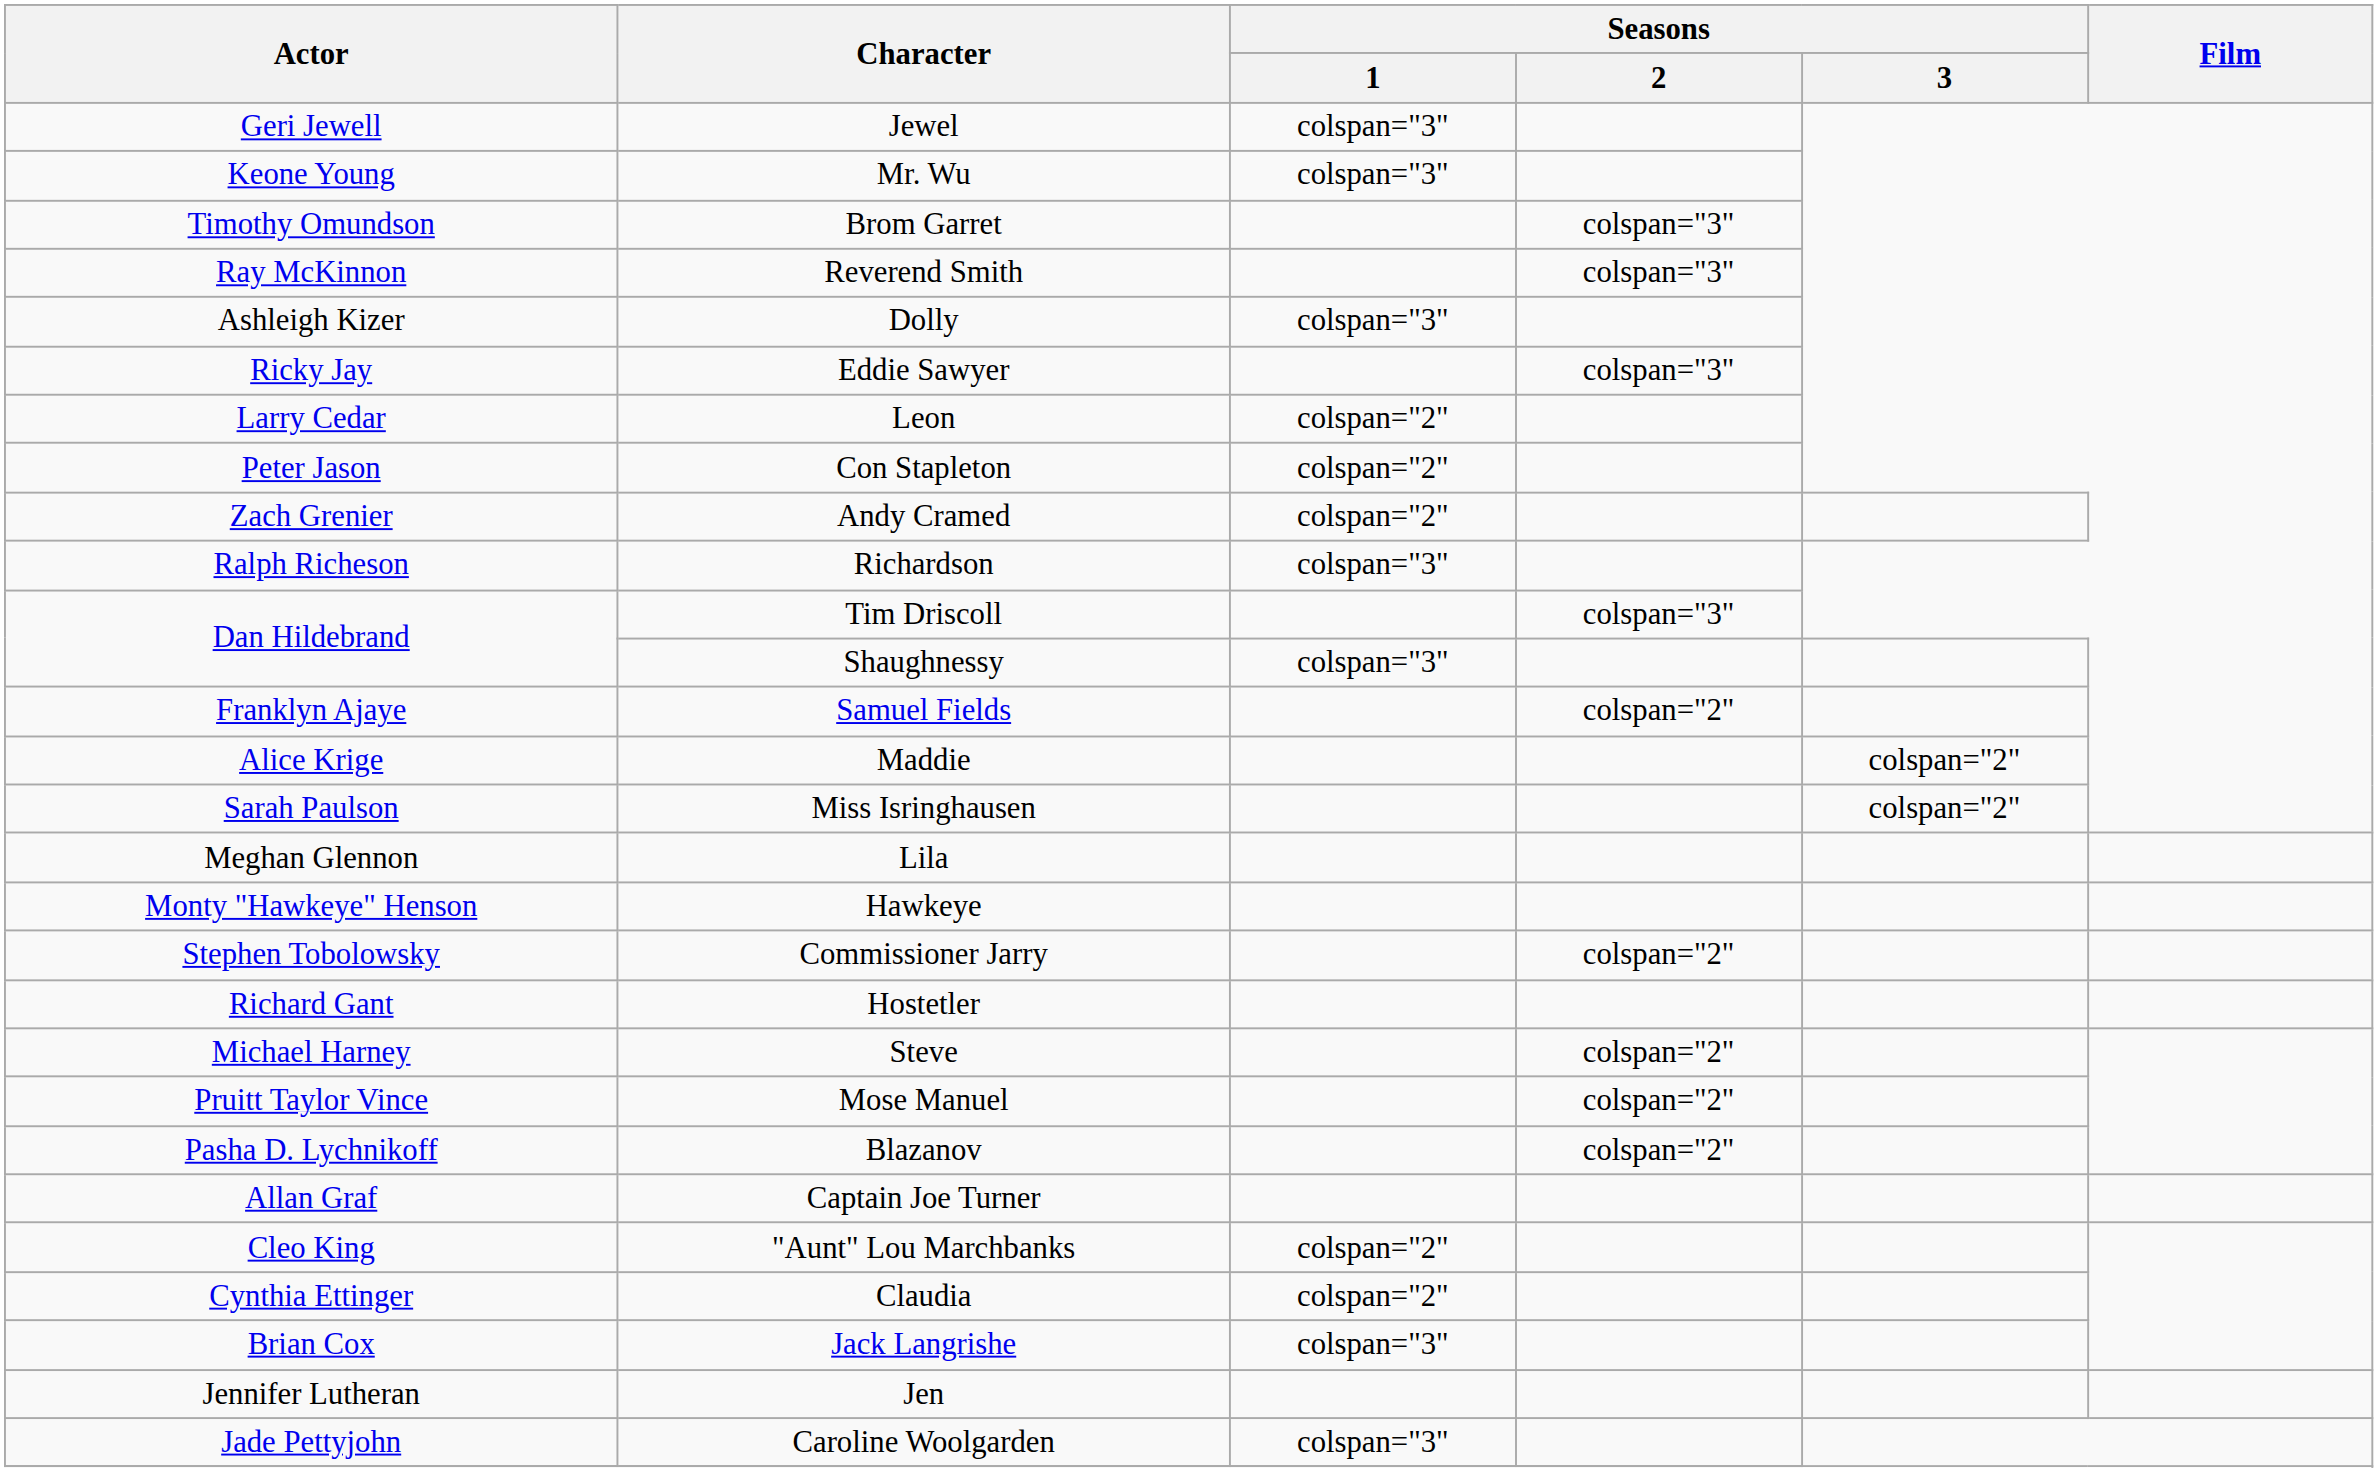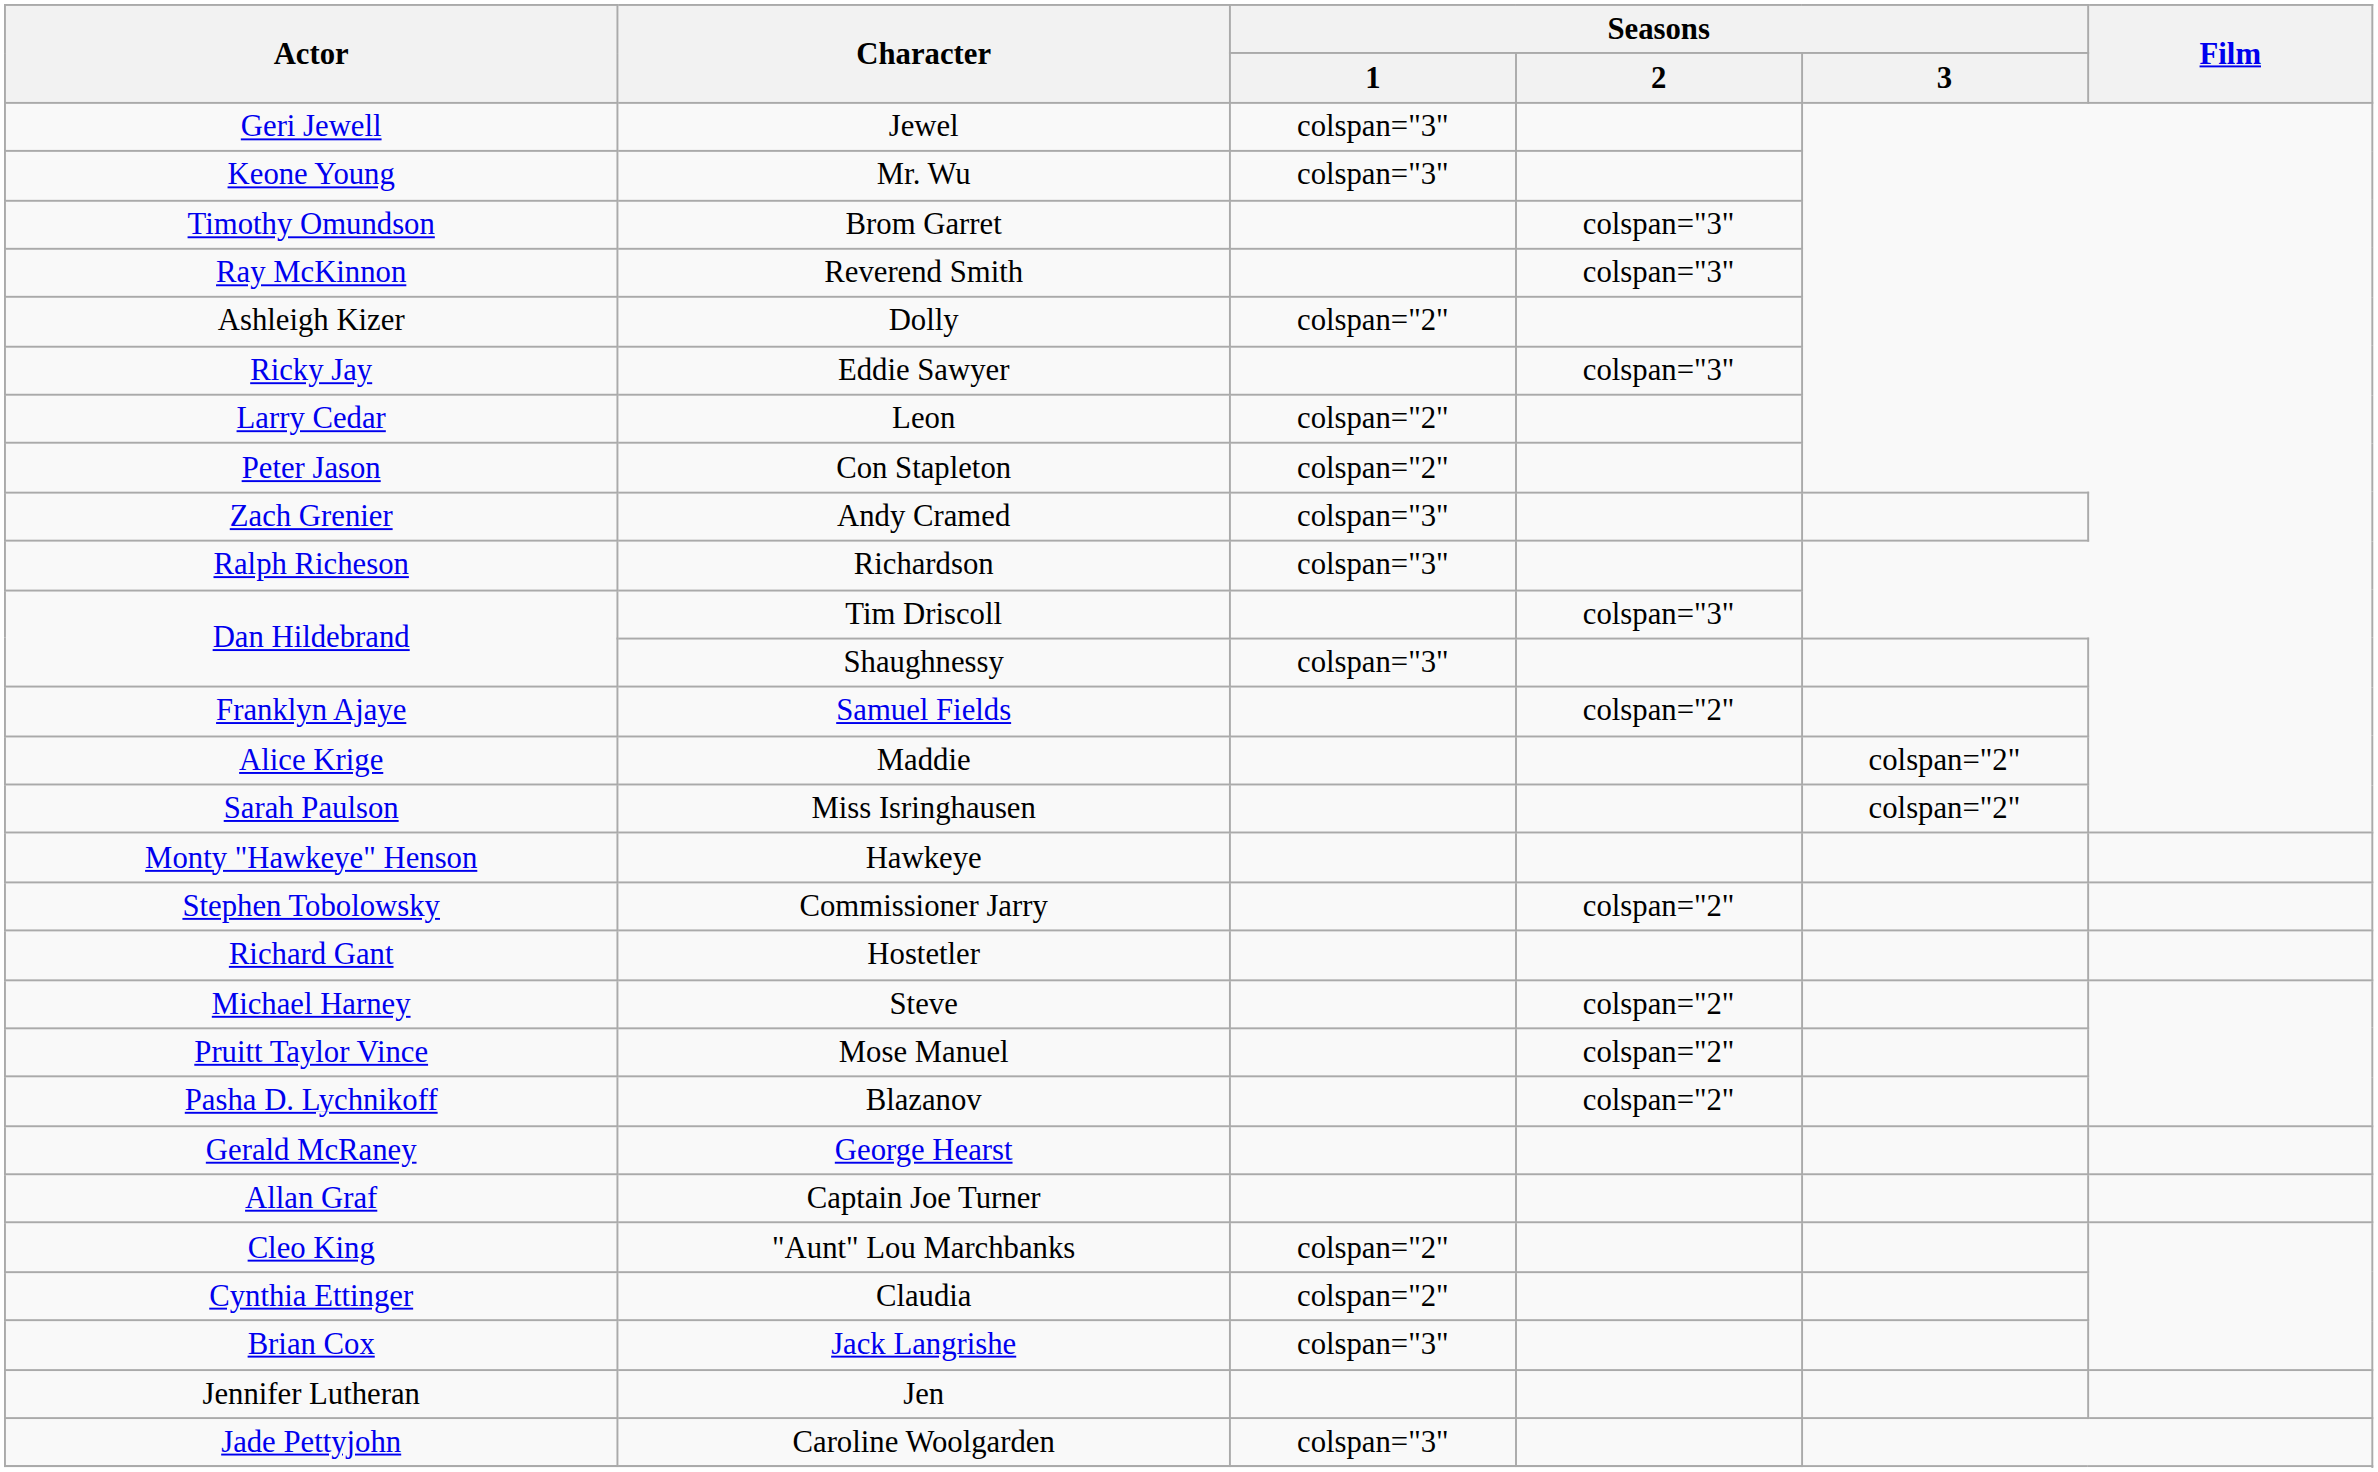 <table class="wikitable plainrowheaders" style="text-align:center">
 <tr>
 <th scope="col" rowspan="2" style="width:15%;">Actor</th>
 <th scope="col" rowspan="2" style="width:15%;">Character</th>
 <th scope="col" colspan="3" style="width:21%;">Seasons</th>
 <th scope="col" rowspan="2" style="width:7%;"><a href='#'>Film</a></th>
 </tr>
 <tr>
 <th scope="col" style="width:7%;">1</th>
 <th scope="col" style="width:7%;">2</th>
 <th scope="col" style="width:7%;">3</th>
 </tr>
 <tr>
 <td><a href='#'>Geri Jewell</a></td>
 <td>Jewel</td>
 <td>colspan="3" </td>
 <td></td>
 </tr>
 <tr>
 <td><a href='#'>Keone Young</a></td>
 <td>Mr. Wu</td>
 <td>colspan="3" </td>
 <td></td>
 </tr>
 <tr>
 <td><a href='#'>Timothy Omundson</a></td>
 <td>Brom Garret</td>
 <td></td>
 <td>colspan="3" </td>
 </tr>
 <tr>
 <td><a href='#'>Ray McKinnon</a></td>
 <td>Reverend Smith</td>
 <td></td>
 <td>colspan="3" </td>
 </tr>
 <tr>
 <td>Ashleigh Kizer</td>
 <td>Dolly</td>
-<td>colspan="3" </td>
+<td>colspan="2" </td>
 <td></td>
 </tr>
 <tr>
 <td><a href='#'>Ricky Jay</a></td>
 <td>Eddie Sawyer</td>
 <td></td>
 <td>colspan="3" </td>
 </tr>
 <tr>
 <td><a href='#'>Larry Cedar</a></td>
 <td>Leon</td>
 <td>colspan="2" </td>
 <td></td>
 </tr>
 <tr>
 <td><a href='#'>Peter Jason</a></td>
 <td>Con Stapleton</td>
 <td>colspan="2" </td>
 <td></td>
 </tr>
 <tr>
 <td><a href='#'>Zach Grenier</a></td>
 <td>Andy Cramed</td>
-<td>colspan="2" </td>
+<td>colspan="3" </td>
 <td></td>
 <td></td>
 </tr>
 <tr>
 <td><a href='#'>Ralph Richeson</a></td>
 <td>Richardson</td>
 <td>colspan="3" </td>
 <td></td>
 </tr>
 <tr>
 <td rowspan="2"><a href='#'>Dan Hildebrand</a></td>
 <td>Tim Driscoll</td>
 <td></td>
 <td>colspan="3" </td>
 </tr>
 <tr>
 <td>Shaughnessy</td>
 <td>colspan="3" </td>
 <td></td>
 <td></td>
 </tr>
 <tr>
 <td><a href='#'>Franklyn Ajaye</a></td>
 <td><a href='#'>Samuel Fields</a></td>
 <td></td>
 <td>colspan="2" </td>
 <td></td>
 </tr>
 <tr>
 <td><a href='#'>Alice Krige</a></td>
 <td>Maddie</td>
 <td></td>
 <td></td>
 <td>colspan="2" </td>
 </tr>
 <tr>
 <td><a href='#'>Sarah Paulson</a></td>
 <td>Miss Isringhausen</td>
 <td></td>
 <td></td>
 <td>colspan="2" </td>
 </tr>
 <tr>
-<td>Meghan Glennon</td>
-<td>Lila</td>
-<td></td>
-<td></td>
-<td></td>
-<td></td>
-</tr>
-<tr>
 <td><a href='#'>Monty "Hawkeye" Henson</a></td>
 <td>Hawkeye</td>
 <td></td>
 <td></td>
 <td></td>
 <td></td>
 </tr>
 <tr>
 <td><a href='#'>Stephen Tobolowsky</a></td>
 <td>Commissioner Jarry</td>
 <td></td>
 <td>colspan="2" </td>
 <td></td>
 </tr>
 <tr>
 <td><a href='#'>Richard Gant</a></td>
 <td>Hostetler</td>
 <td></td>
 <td></td>
 <td></td>
 <td></td>
 </tr>
 <tr>
 <td><a href='#'>Michael Harney</a></td>
 <td>Steve</td>
 <td></td>
 <td>colspan="2" </td>
 <td></td>
 </tr>
 <tr>
 <td><a href='#'>Pruitt Taylor Vince</a></td>
 <td>Mose Manuel</td>
 <td></td>
 <td>colspan="2" </td>
 <td></td>
 </tr>
 <tr>
 <td><a href='#'>Pasha D. Lychnikoff</a></td>
 <td>Blazanov</td>
 <td></td>
 <td>colspan="2" </td>
+<td></td>
+</tr>
+<tr>
+<td><a href='#'>Gerald McRaney</a></td>
+<td><a href='#'>George Hearst</a></td>
+<td></td>
+<td></td>
+<td></td>
 <td></td>
 </tr>
 <tr>
 <td><a href='#'>Allan Graf</a></td>
 <td>Captain Joe Turner</td>
 <td></td>
 <td></td>
 <td></td>
 <td></td>
 </tr>
 <tr>
 <td><a href='#'>Cleo King</a></td>
 <td>"Aunt" Lou Marchbanks</td>
 <td>colspan="2" </td>
 <td></td>
 <td></td>
 </tr>
 <tr>
 <td><a href='#'>Cynthia Ettinger</a></td>
 <td>Claudia</td>
 <td>colspan="2" </td>
 <td></td>
 <td></td>
 </tr>
 <tr>
 <td><a href='#'>Brian Cox</a></td>
 <td><a href='#'>Jack Langrishe</a></td>
 <td>colspan="3" </td>
 <td></td>
 <td></td>
 </tr>
 <tr>
 <td>Jennifer Lutheran</td>
 <td>Jen</td>
 <td></td>
 <td></td>
 <td></td>
 <td></td>
 </tr>
 <tr>
 <td><a href='#'>Jade Pettyjohn</a></td>
 <td>Caroline Woolgarden</td>
 <td>colspan="3" </td>
 <td></td>
 </tr>
 <tr>
 </tr>
 </table>
